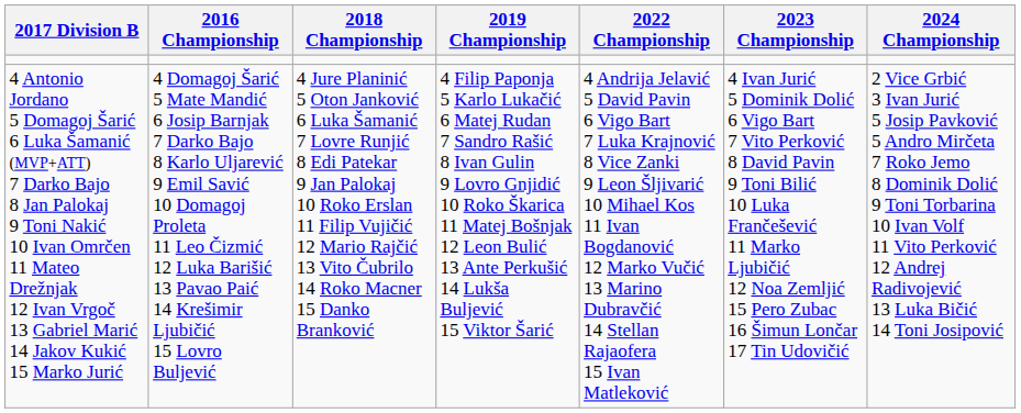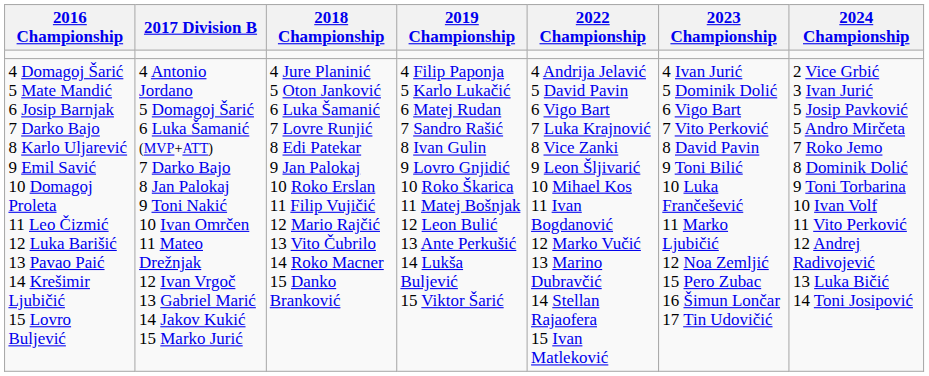 <table class="wikitable">
 <tr>
+<th><a href='#'>2016 Championship</a></th>
 <th><a href='#'>2017 Division B</a> </th>
-<th><a href='#'>2016 Championship</a></th>
 <th><a href='#'>2018 Championship</a></th>
 <th><a href='#'>2019 Championship</a></th>
 <th><a href='#'>2022 Championship</a></th>
 <th><a href='#'>2023 Championship</a></th>
 <th><a href='#'>2024 Championship</a></th>
 </tr>
 <tr>
 <td></td>
 <td></td>
 <td></td>
 <td></td>
 <td></td>
 <td></td>
 <td></td>
 </tr>
 <tr>
+<td valign=top>4 <a href='#'>Domagoj Šarić</a> <br>5 <a href='#'>Mate Mandić</a> <br>6 <a href='#'>Josip Barnjak</a> <br>7 <a href='#'>Darko Bajo</a> <br>8 <a href='#'>Karlo Uljarević</a> <br>9 <a href='#'>Emil Savić</a> <br>10 <a href='#'>Domagoj Proleta</a> <br>11 <a href='#'>Leo Čizmić</a> <br>12 <a href='#'>Luka Barišić</a> <br>13 <a href='#'>Pavao Paić</a> <br>14 <a href='#'>Krešimir Ljubičić</a><br>15 <a href='#'>Lovro Buljević</a></td>
 <td valign=top>4 <a href='#'>Antonio Jordano</a> <br>5 <a href='#'>Domagoj Šarić</a> <br>6 <a href='#'>Luka Šamanić</a> <small>(<a href='#'>MVP</a>+<a href='#'>ATT</a>)</small> <br>7 <a href='#'>Darko Bajo</a> <br>8 <a href='#'>Jan Palokaj</a> <br>9 <a href='#'>Toni Nakić</a> <br>10 <a href='#'>Ivan Omrčen</a> <br>11 <a href='#'>Mateo Drežnjak</a> <br>12 <a href='#'>Ivan Vrgoč</a> <br>13 <a href='#'>Gabriel Marić</a> <br>14 <a href='#'>Jakov Kukić</a><br>15 <a href='#'>Marko Jurić</a></td>
-<td valign=top>4 <a href='#'>Domagoj Šarić</a> <br>5 <a href='#'>Mate Mandić</a> <br>6 <a href='#'>Josip Barnjak</a> <br>7 <a href='#'>Darko Bajo</a> <br>8 <a href='#'>Karlo Uljarević</a> <br>9 <a href='#'>Emil Savić</a> <br>10 <a href='#'>Domagoj Proleta</a> <br>11 <a href='#'>Leo Čizmić</a> <br>12 <a href='#'>Luka Barišić</a> <br>13 <a href='#'>Pavao Paić</a> <br>14 <a href='#'>Krešimir Ljubičić</a><br>15 <a href='#'>Lovro Buljević</a></td>
 <td valign=top>4 <a href='#'>Jure Planinić</a> <br>5 <a href='#'>Oton Janković</a> <br>6 <a href='#'>Luka Šamanić</a> <br>7 <a href='#'>Lovre Runjić</a> <br>8 <a href='#'>Edi Patekar</a> <br>9 <a href='#'>Jan Palokaj</a> <br>10 <a href='#'>Roko Erslan</a> <br>11 <a href='#'>Filip Vujičić</a> <br>12 <a href='#'>Mario Rajčić</a> <br>13 <a href='#'>Vito Čubrilo</a> <br>14 <a href='#'>Roko Macner</a><br>15 <a href='#'>Danko Branković</a></td>
 <td valign=top>4 <a href='#'>Filip Paponja</a> <br>5 <a href='#'>Karlo Lukačić</a> <br>6 <a href='#'>Matej Rudan</a> <br>7 <a href='#'>Sandro Rašić</a> <br>8 <a href='#'>Ivan Gulin</a> <br>9 <a href='#'>Lovro Gnjidić</a> <br>10 <a href='#'>Roko Škarica</a> <br>11 <a href='#'>Matej Bošnjak</a> <br>12 <a href='#'>Leon Bulić</a> <br>13 <a href='#'>Ante Perkušić</a> <br>14 <a href='#'>Lukša Buljević</a><br>15 <a href='#'>Viktor Šarić</a></td>
 <td valign=top>4 <a href='#'>Andrija Jelavić</a> <br>5 <a href='#'>David Pavin</a> <br>6 <a href='#'>Vigo Bart</a> <br>7 <a href='#'>Luka Krajnović</a> <br>8 <a href='#'>Vice Zanki</a> <br>9 <a href='#'>Leon Šljivarić</a> <br>10 <a href='#'>Mihael Kos</a> <br>11 <a href='#'>Ivan Bogdanović</a> <br>12 <a href='#'>Marko Vučić</a> <br>13 <a href='#'>Marino Dubravčić</a> <br>14 <a href='#'>Stellan Rajaofera</a><br>15 <a href='#'>Ivan Matleković</a></td>
 <td valign=top>4 <a href='#'>Ivan Jurić</a> <br>5 <a href='#'>Dominik Dolić</a> <br>6 <a href='#'>Vigo Bart</a> <br>7 <a href='#'>Vito Perković</a> <br>8 <a href='#'>David Pavin</a> <br>9 <a href='#'>Toni Bilić</a> <br>10 <a href='#'>Luka Frančešević</a> <br>11 <a href='#'>Marko Ljubičić</a> <br>12 <a href='#'>Noa Zemljić</a> <br>15 <a href='#'>Pero Zubac</a> <br>16 <a href='#'>Šimun Lončar</a><br>17 <a href='#'>Tin Udovičić</a></td>
 <td valign=top>2 <a href='#'>Vice Grbić</a> <br>3 <a href='#'>Ivan Jurić</a> <br>5 <a href='#'>Josip Pavković</a> <br>5 <a href='#'>Andro Mirčeta</a> <br>7 <a href='#'>Roko Jemo</a> <br>8 <a href='#'>Dominik Dolić</a> <br>9 <a href='#'>Toni Torbarina</a> <br>10 <a href='#'>Ivan Volf</a> <br>11 <a href='#'>Vito Perković</a> <br>12 <a href='#'>Andrej Radivojević</a> <br>13 <a href='#'>Luka Bičić</a> <br>14 <a href='#'>Toni Josipović</a></td>
 </tr>
 </table>
